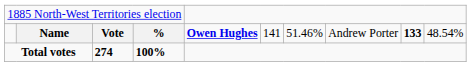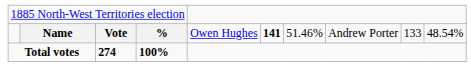 <table class="wikitable" align=right>
 <tr>
 <td colspan="4" align=center><a href='#'>1885 North-West Territories election</a></td>
 </tr>
 <tr>
 <td></td>
 <th>Name</th>
 <th>Vote</th>
 <th>%<br></th>
-<td><strong><a href='#'>Owen Hughes</a></strong></td>
-<td>141</td>
+<td><a href='#'>Owen Hughes</a></td>
+<td><strong>141</strong></td>
 <td>51.46%<br></td>
 <td>Andrew Porter</td>
-<td><strong>133</strong></td>
+<td>133</td>
 <td>48.54%</td>
 </tr>
 <tr>
 <td colspan=2 align=center><strong>Total votes</strong></td>
 <td><strong>274</strong></td>
 <td><strong>100%</strong></td>
 </tr>
 </table>
